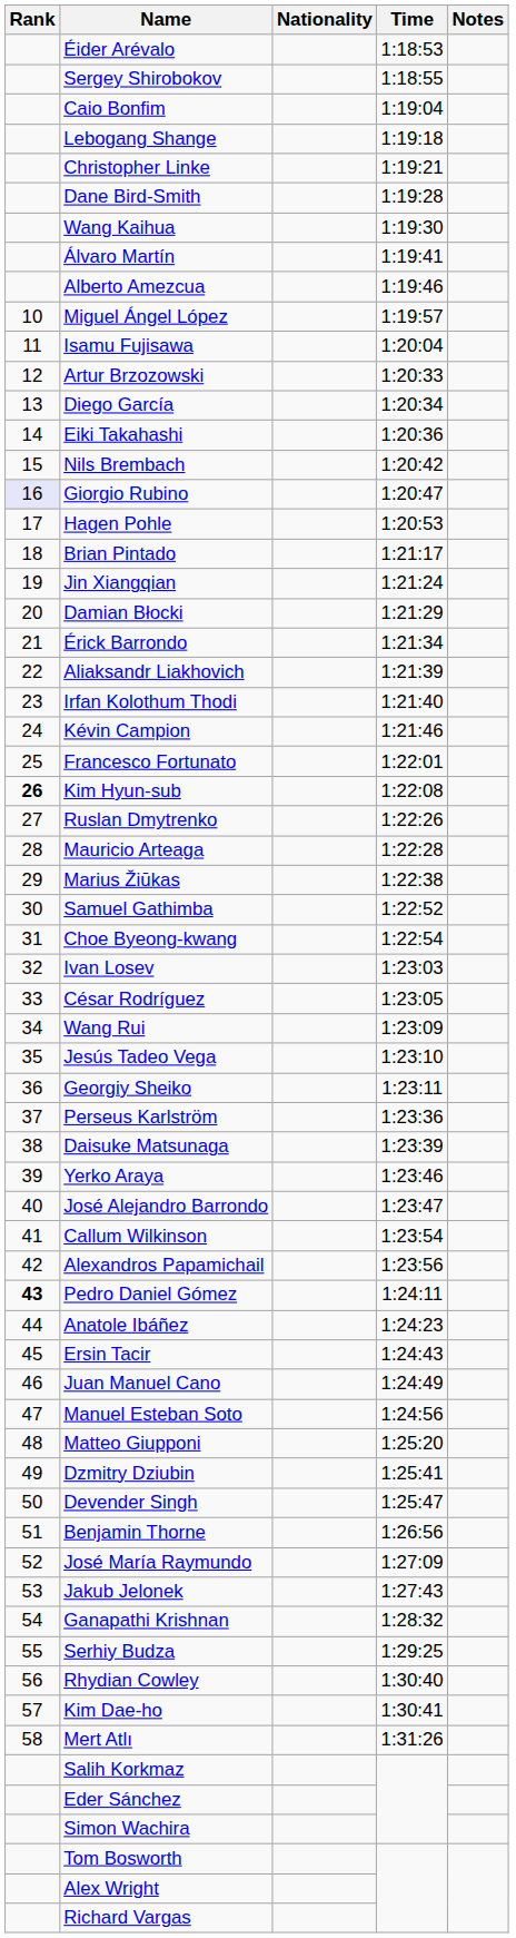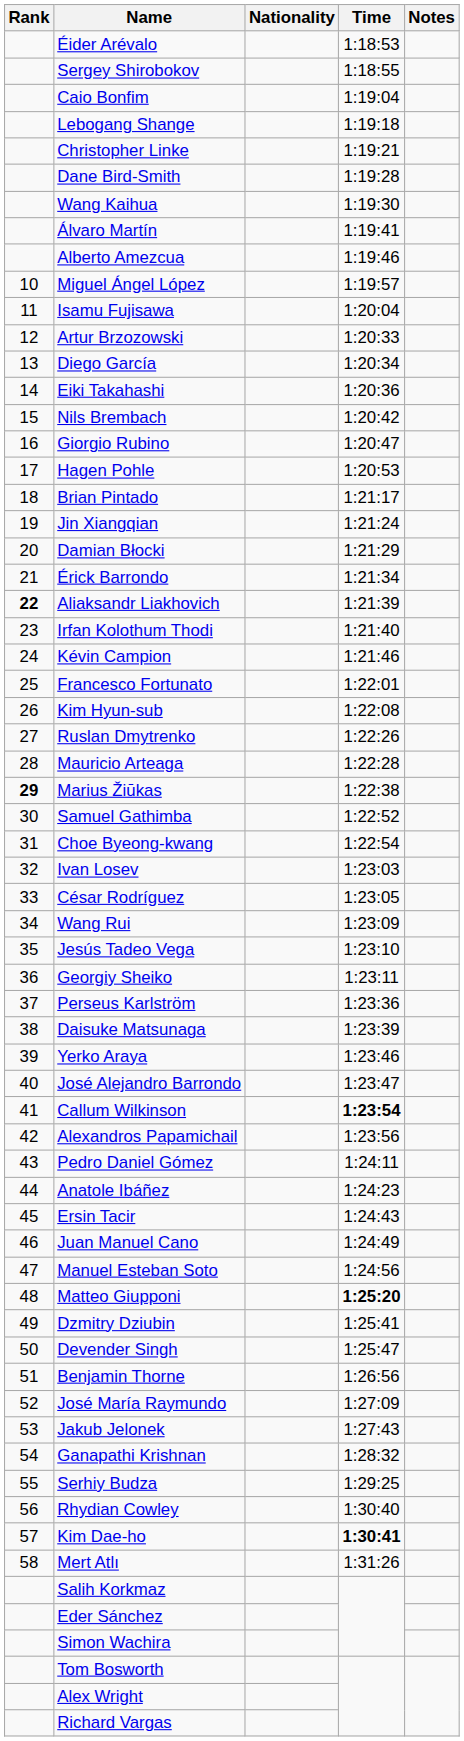 <table class="wikitable sortable" style="text-align:center">
 <tr>
 <th>Rank</th>
 <th>Name</th>
 <th>Nationality</th>
 <th>Time</th>
 <th>Notes</th>
 </tr>
 <tr>
 <td></td>
 <td align=left><a href='#'>Éider Arévalo</a></td>
 <td align=left></td>
 <td>1:18:53</td>
 <td><strong></strong></td>
 </tr>
 <tr>
 <td></td>
 <td align=left><a href='#'>Sergey Shirobokov</a></td>
 <td align=left></td>
 <td>1:18:55</td>
 <td></td>
 </tr>
 <tr>
 <td></td>
 <td align=left><a href='#'>Caio Bonfim</a></td>
 <td align=left></td>
 <td>1:19:04</td>
 <td><strong></strong></td>
 </tr>
 <tr>
 <td></td>
 <td align=left><a href='#'>Lebogang Shange</a></td>
 <td align=left></td>
 <td>1:19:18</td>
 <td><strong></strong></td>
 </tr>
 <tr>
 <td></td>
 <td align=left><a href='#'>Christopher Linke</a></td>
 <td align=left></td>
 <td>1:19:21</td>
 <td></td>
 </tr>
 <tr>
 <td></td>
 <td align=left><a href='#'>Dane Bird-Smith</a></td>
 <td align=left></td>
 <td>1:19:28</td>
 <td></td>
 </tr>
 <tr>
 <td></td>
 <td align=left><a href='#'>Wang Kaihua</a></td>
 <td align=left></td>
 <td>1:19:30</td>
 <td></td>
 </tr>
 <tr>
 <td></td>
 <td align=left><a href='#'>Álvaro Martín</a></td>
 <td align=left></td>
 <td>1:19:41</td>
 <td></td>
 </tr>
 <tr>
 <td></td>
 <td align=left><a href='#'>Alberto Amezcua</a></td>
 <td align=left></td>
 <td>1:19:46</td>
 <td></td>
 </tr>
 <tr>
 <td>10</td>
 <td align=left><a href='#'>Miguel Ángel López</a></td>
 <td align=left></td>
 <td>1:19:57</td>
 <td></td>
 </tr>
 <tr>
 <td>11</td>
 <td align=left><a href='#'>Isamu Fujisawa</a></td>
 <td align=left></td>
 <td>1:20:04</td>
 <td></td>
 </tr>
 <tr>
 <td>12</td>
 <td align=left><a href='#'>Artur Brzozowski</a></td>
 <td align=left></td>
 <td>1:20:33</td>
 <td></td>
 </tr>
 <tr>
 <td>13</td>
 <td align=left><a href='#'>Diego García</a></td>
 <td align=left></td>
 <td>1:20:34</td>
 <td></td>
 </tr>
 <tr>
 <td>14</td>
 <td align=left><a href='#'>Eiki Takahashi</a></td>
 <td align=left></td>
 <td>1:20:36</td>
 <td></td>
 </tr>
 <tr>
 <td>15</td>
 <td align=left><a href='#'>Nils Brembach</a></td>
 <td align=left></td>
 <td>1:20:42</td>
 <td></td>
 </tr>
 <tr>
-<td style="background: lavender;">16</td>
+<td>16</td>
 <td align=left><a href='#'>Giorgio Rubino</a></td>
 <td align=left></td>
 <td>1:20:47</td>
 <td></td>
 </tr>
 <tr>
 <td>17</td>
 <td align=left><a href='#'>Hagen Pohle</a></td>
 <td align=left></td>
 <td>1:20:53</td>
 <td></td>
 </tr>
 <tr>
 <td>18</td>
 <td align=left><a href='#'>Brian Pintado</a></td>
 <td align=left></td>
 <td>1:21:17</td>
 <td></td>
 </tr>
 <tr>
 <td>19</td>
 <td align=left><a href='#'>Jin Xiangqian</a></td>
 <td align=left></td>
 <td>1:21:24</td>
 <td></td>
 </tr>
 <tr>
 <td>20</td>
 <td align=left><a href='#'>Damian Błocki</a></td>
 <td align=left></td>
 <td>1:21:29</td>
 <td></td>
 </tr>
 <tr>
 <td>21</td>
 <td align=left><a href='#'>Érick Barrondo</a></td>
 <td align=left></td>
 <td>1:21:34</td>
 <td></td>
 </tr>
 <tr>
-<td>22</td>
+<td><strong>22</strong></td>
 <td align=left><a href='#'>Aliaksandr Liakhovich</a></td>
 <td align=left></td>
 <td>1:21:39</td>
 <td></td>
 </tr>
 <tr>
 <td>23</td>
 <td align=left><a href='#'>Irfan Kolothum Thodi</a></td>
 <td align=left></td>
 <td>1:21:40</td>
 <td></td>
 </tr>
 <tr>
 <td>24</td>
 <td align=left><a href='#'>Kévin Campion</a></td>
 <td align=left></td>
 <td>1:21:46</td>
 <td></td>
 </tr>
 <tr>
 <td>25</td>
 <td align=left><a href='#'>Francesco Fortunato</a></td>
 <td align=left></td>
 <td>1:22:01</td>
 <td></td>
 </tr>
 <tr>
-<td><strong>26</strong></td>
+<td>26</td>
 <td align=left><a href='#'>Kim Hyun-sub</a></td>
 <td align=left></td>
 <td>1:22:08</td>
 <td></td>
 </tr>
 <tr>
 <td>27</td>
 <td align=left><a href='#'>Ruslan Dmytrenko</a></td>
 <td align=left></td>
 <td>1:22:26</td>
 <td></td>
 </tr>
 <tr>
 <td>28</td>
 <td align=left><a href='#'>Mauricio Arteaga</a></td>
 <td align=left></td>
 <td>1:22:28</td>
 <td></td>
 </tr>
 <tr>
-<td>29</td>
+<td><strong>29</strong></td>
 <td align=left><a href='#'>Marius Žiūkas</a></td>
 <td align=left></td>
 <td>1:22:38</td>
 <td></td>
 </tr>
 <tr>
 <td>30</td>
 <td align=left><a href='#'>Samuel Gathimba</a></td>
 <td align=left></td>
 <td>1:22:52</td>
 <td></td>
 </tr>
 <tr>
 <td>31</td>
 <td align=left><a href='#'>Choe Byeong-kwang</a></td>
 <td align=left></td>
 <td>1:22:54</td>
 <td></td>
 </tr>
 <tr>
 <td>32</td>
 <td align=left><a href='#'>Ivan Losev</a></td>
 <td align=left></td>
 <td>1:23:03</td>
 <td></td>
 </tr>
 <tr>
 <td>33</td>
 <td align=left><a href='#'>César Rodríguez</a></td>
 <td align=left></td>
 <td>1:23:05</td>
 <td></td>
 </tr>
 <tr>
 <td>34</td>
 <td align=left><a href='#'>Wang Rui</a></td>
 <td align=left></td>
 <td>1:23:09</td>
 <td></td>
 </tr>
 <tr>
 <td>35</td>
 <td align=left><a href='#'>Jesús Tadeo Vega</a></td>
 <td align=left></td>
 <td>1:23:10</td>
 <td></td>
 </tr>
 <tr>
 <td>36</td>
 <td align=left><a href='#'>Georgiy Sheiko</a></td>
 <td align=left></td>
 <td>1:23:11</td>
 <td></td>
 </tr>
 <tr>
 <td>37</td>
 <td align=left><a href='#'>Perseus Karlström</a></td>
 <td align=left></td>
 <td>1:23:36</td>
 <td></td>
 </tr>
 <tr>
 <td>38</td>
 <td align=left><a href='#'>Daisuke Matsunaga</a></td>
 <td align=left></td>
 <td>1:23:39</td>
 <td></td>
 </tr>
 <tr>
 <td>39</td>
 <td align=left><a href='#'>Yerko Araya</a></td>
 <td align=left></td>
 <td>1:23:46</td>
 <td></td>
 </tr>
 <tr>
 <td>40</td>
 <td align=left><a href='#'>José Alejandro Barrondo</a></td>
 <td align=left></td>
 <td>1:23:47</td>
 <td></td>
 </tr>
 <tr>
 <td>41</td>
 <td align=left><a href='#'>Callum Wilkinson</a></td>
 <td align=left></td>
-<td>1:23:54</td>
+<td><strong>1:23:54</strong></td>
 <td></td>
 </tr>
 <tr>
 <td>42</td>
 <td align=left><a href='#'>Alexandros Papamichail</a></td>
 <td align=left></td>
 <td>1:23:56</td>
 <td></td>
 </tr>
 <tr>
-<td><strong>43</strong></td>
+<td>43</td>
 <td align=left><a href='#'>Pedro Daniel Gómez</a></td>
 <td align=left></td>
 <td>1:24:11</td>
 <td></td>
 </tr>
 <tr>
 <td>44</td>
 <td align=left><a href='#'>Anatole Ibáñez</a></td>
 <td align=left></td>
 <td>1:24:23</td>
 <td></td>
 </tr>
 <tr>
 <td>45</td>
 <td align=left><a href='#'>Ersin Tacir</a></td>
 <td align=left></td>
 <td>1:24:43</td>
 <td></td>
 </tr>
 <tr>
 <td>46</td>
 <td align=left><a href='#'>Juan Manuel Cano</a></td>
 <td align=left></td>
 <td>1:24:49</td>
 <td></td>
 </tr>
 <tr>
 <td>47</td>
 <td align=left><a href='#'>Manuel Esteban Soto</a></td>
 <td align=left></td>
 <td>1:24:56</td>
 <td></td>
 </tr>
 <tr>
 <td>48</td>
 <td align=left><a href='#'>Matteo Giupponi</a></td>
 <td align=left></td>
-<td>1:25:20</td>
+<td><strong>1:25:20</strong></td>
 <td></td>
 </tr>
 <tr>
 <td>49</td>
 <td align=left><a href='#'>Dzmitry Dziubin</a></td>
 <td align=left></td>
 <td>1:25:41</td>
 <td></td>
 </tr>
 <tr>
 <td>50</td>
 <td align=left><a href='#'>Devender Singh</a></td>
 <td align=left></td>
 <td>1:25:47</td>
 <td></td>
 </tr>
 <tr>
 <td>51</td>
 <td align=left><a href='#'>Benjamin Thorne</a></td>
 <td align=left></td>
 <td>1:26:56</td>
 <td></td>
 </tr>
 <tr>
 <td>52</td>
 <td align=left><a href='#'>José María Raymundo</a></td>
 <td align=left></td>
 <td>1:27:09</td>
 <td></td>
 </tr>
 <tr>
 <td>53</td>
 <td align=left><a href='#'>Jakub Jelonek</a></td>
 <td align=left></td>
 <td>1:27:43</td>
 <td></td>
 </tr>
 <tr>
 <td>54</td>
 <td align=left><a href='#'>Ganapathi Krishnan</a></td>
 <td align=left></td>
 <td>1:28:32</td>
 <td></td>
 </tr>
 <tr>
 <td>55</td>
 <td align=left><a href='#'>Serhiy Budza</a></td>
 <td align=left></td>
 <td>1:29:25</td>
 <td></td>
 </tr>
 <tr>
 <td>56</td>
 <td align=left><a href='#'>Rhydian Cowley</a></td>
 <td align=left></td>
 <td>1:30:40</td>
 <td></td>
 </tr>
 <tr>
 <td>57</td>
 <td align=left><a href='#'>Kim Dae-ho</a></td>
 <td align=left></td>
-<td>1:30:41</td>
+<td><strong>1:30:41</strong></td>
 <td></td>
 </tr>
 <tr>
 <td>58</td>
 <td align=left><a href='#'>Mert Atlı</a></td>
 <td align=left></td>
 <td>1:31:26</td>
 <td></td>
 </tr>
 <tr>
 <td></td>
 <td align=left><a href='#'>Salih Korkmaz</a></td>
 <td align=left></td>
 <td rowspan=3></td>
 <td></td>
 </tr>
 <tr>
 <td></td>
 <td align=left><a href='#'>Eder Sánchez</a></td>
 <td align=left></td>
 <td></td>
 </tr>
 <tr>
 <td></td>
 <td align=left><a href='#'>Simon Wachira</a></td>
 <td align=left></td>
 <td></td>
 </tr>
 <tr>
 <td></td>
 <td align=left><a href='#'>Tom Bosworth</a></td>
 <td align=left></td>
 <td rowspan=3></td>
 <td rowspan=3></td>
 </tr>
 <tr>
 <td></td>
 <td align=left><a href='#'>Alex Wright</a></td>
 <td align=left></td>
 </tr>
 <tr>
 <td></td>
 <td align=left><a href='#'>Richard Vargas</a></td>
 <td align=left></td>
 </tr>
 </table>
